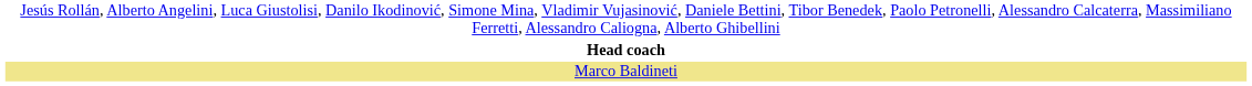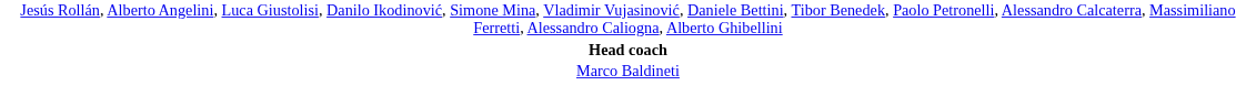 <table style="text-align: center; margin-top: 2em; margin-left: auto; margin-right: auto">
 <tr>
 <td><a href='#'>Jesús Rollán</a>, <a href='#'>Alberto Angelini</a>, <a href='#'>Luca Giustolisi</a>, <a href='#'>Danilo Ikodinović</a>, <a href='#'>Simone Mina</a>, <a href='#'>Vladimir Vujasinović</a>, <a href='#'>Daniele Bettini</a>, <a href='#'>Tibor Benedek</a>, <a href='#'>Paolo Petronelli</a>, <a href='#'>Alessandro Calcaterra</a>, <a href='#'>Massimiliano Ferretti</a>, <a href='#'>Alessandro Caliogna</a>, <a href='#'>Alberto Ghibellini</a></td>
 </tr>
 <tr>
 <td><strong>Head coach</strong></td>
 </tr>
 <tr>
-<td style="background: khaki;"><a href='#'>Marco Baldineti</a></td>
+<td><a href='#'>Marco Baldineti</a></td>
 </tr>
 </table>
